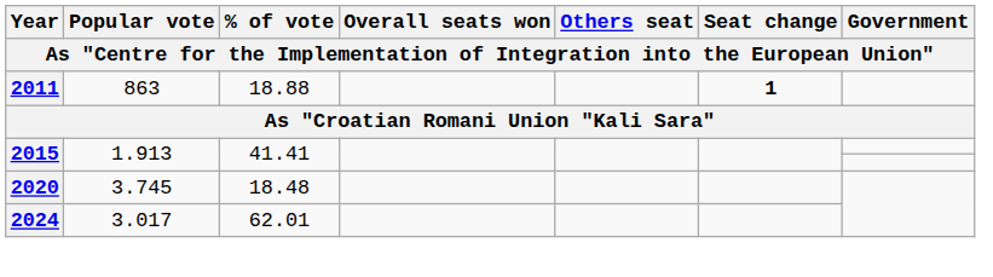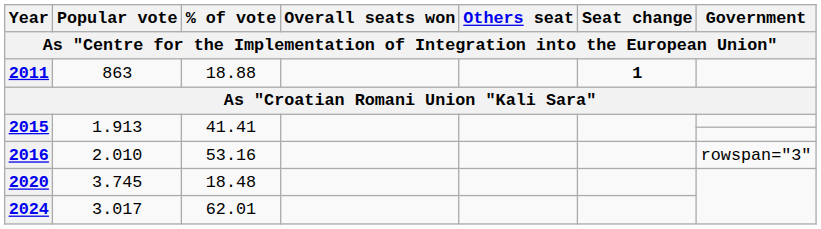 <table class="wikitable" style="text-align:center">
 <tr>
 <th>Year</th>
 <th>Popular vote</th>
 <th>% of vote</th>
 <th>Overall seats won</th>
 <th><a href='#'>Others</a> seat</th>
 <th>Seat change</th>
 <th>Government</th>
 </tr>
 <tr>
 <th colspan="7">As "Centre for the Implementation of Integration into the European Union"</th>
 </tr>
 <tr>
 <th><a href='#'>2011</a></th>
 <td>863</td>
 <td>18.88</td>
 <td></td>
 <td></td>
 <td><strong> 1</strong></td>
 <td></td>
 </tr>
 <tr>
 <th colspan="7">As "Croatian Romani Union "Kali Sara"</th>
 </tr>
 <tr>
 <th rowspan="2"><a href='#'>2015</a></th>
 <td rowspan="2">1.913</td>
 <td rowspan="2">41.41</td>
 <td rowspan="2"></td>
 <td rowspan="2"></td>
 <td rowspan="2"></td>
 <td></td>
 </tr>
 <tr>
 <td></td>
 </tr>
 <tr>
+<th><a href='#'>2016</a></th>
+<td>2.010</td>
+<td>53.16</td>
+<td></td>
+<td></td>
+<td></td>
+<td>rowspan="3" </td>
+</tr>
+<tr>
 <th><a href='#'>2020</a></th>
 <td>3.745</td>
 <td>18.48</td>
 <td></td>
 <td></td>
 <td></td>
 </tr>
 <tr>
 <th><a href='#'>2024</a></th>
 <td>3.017</td>
 <td>62.01</td>
 <td></td>
 <td></td>
 <td></td>
 </tr>
 </table>
